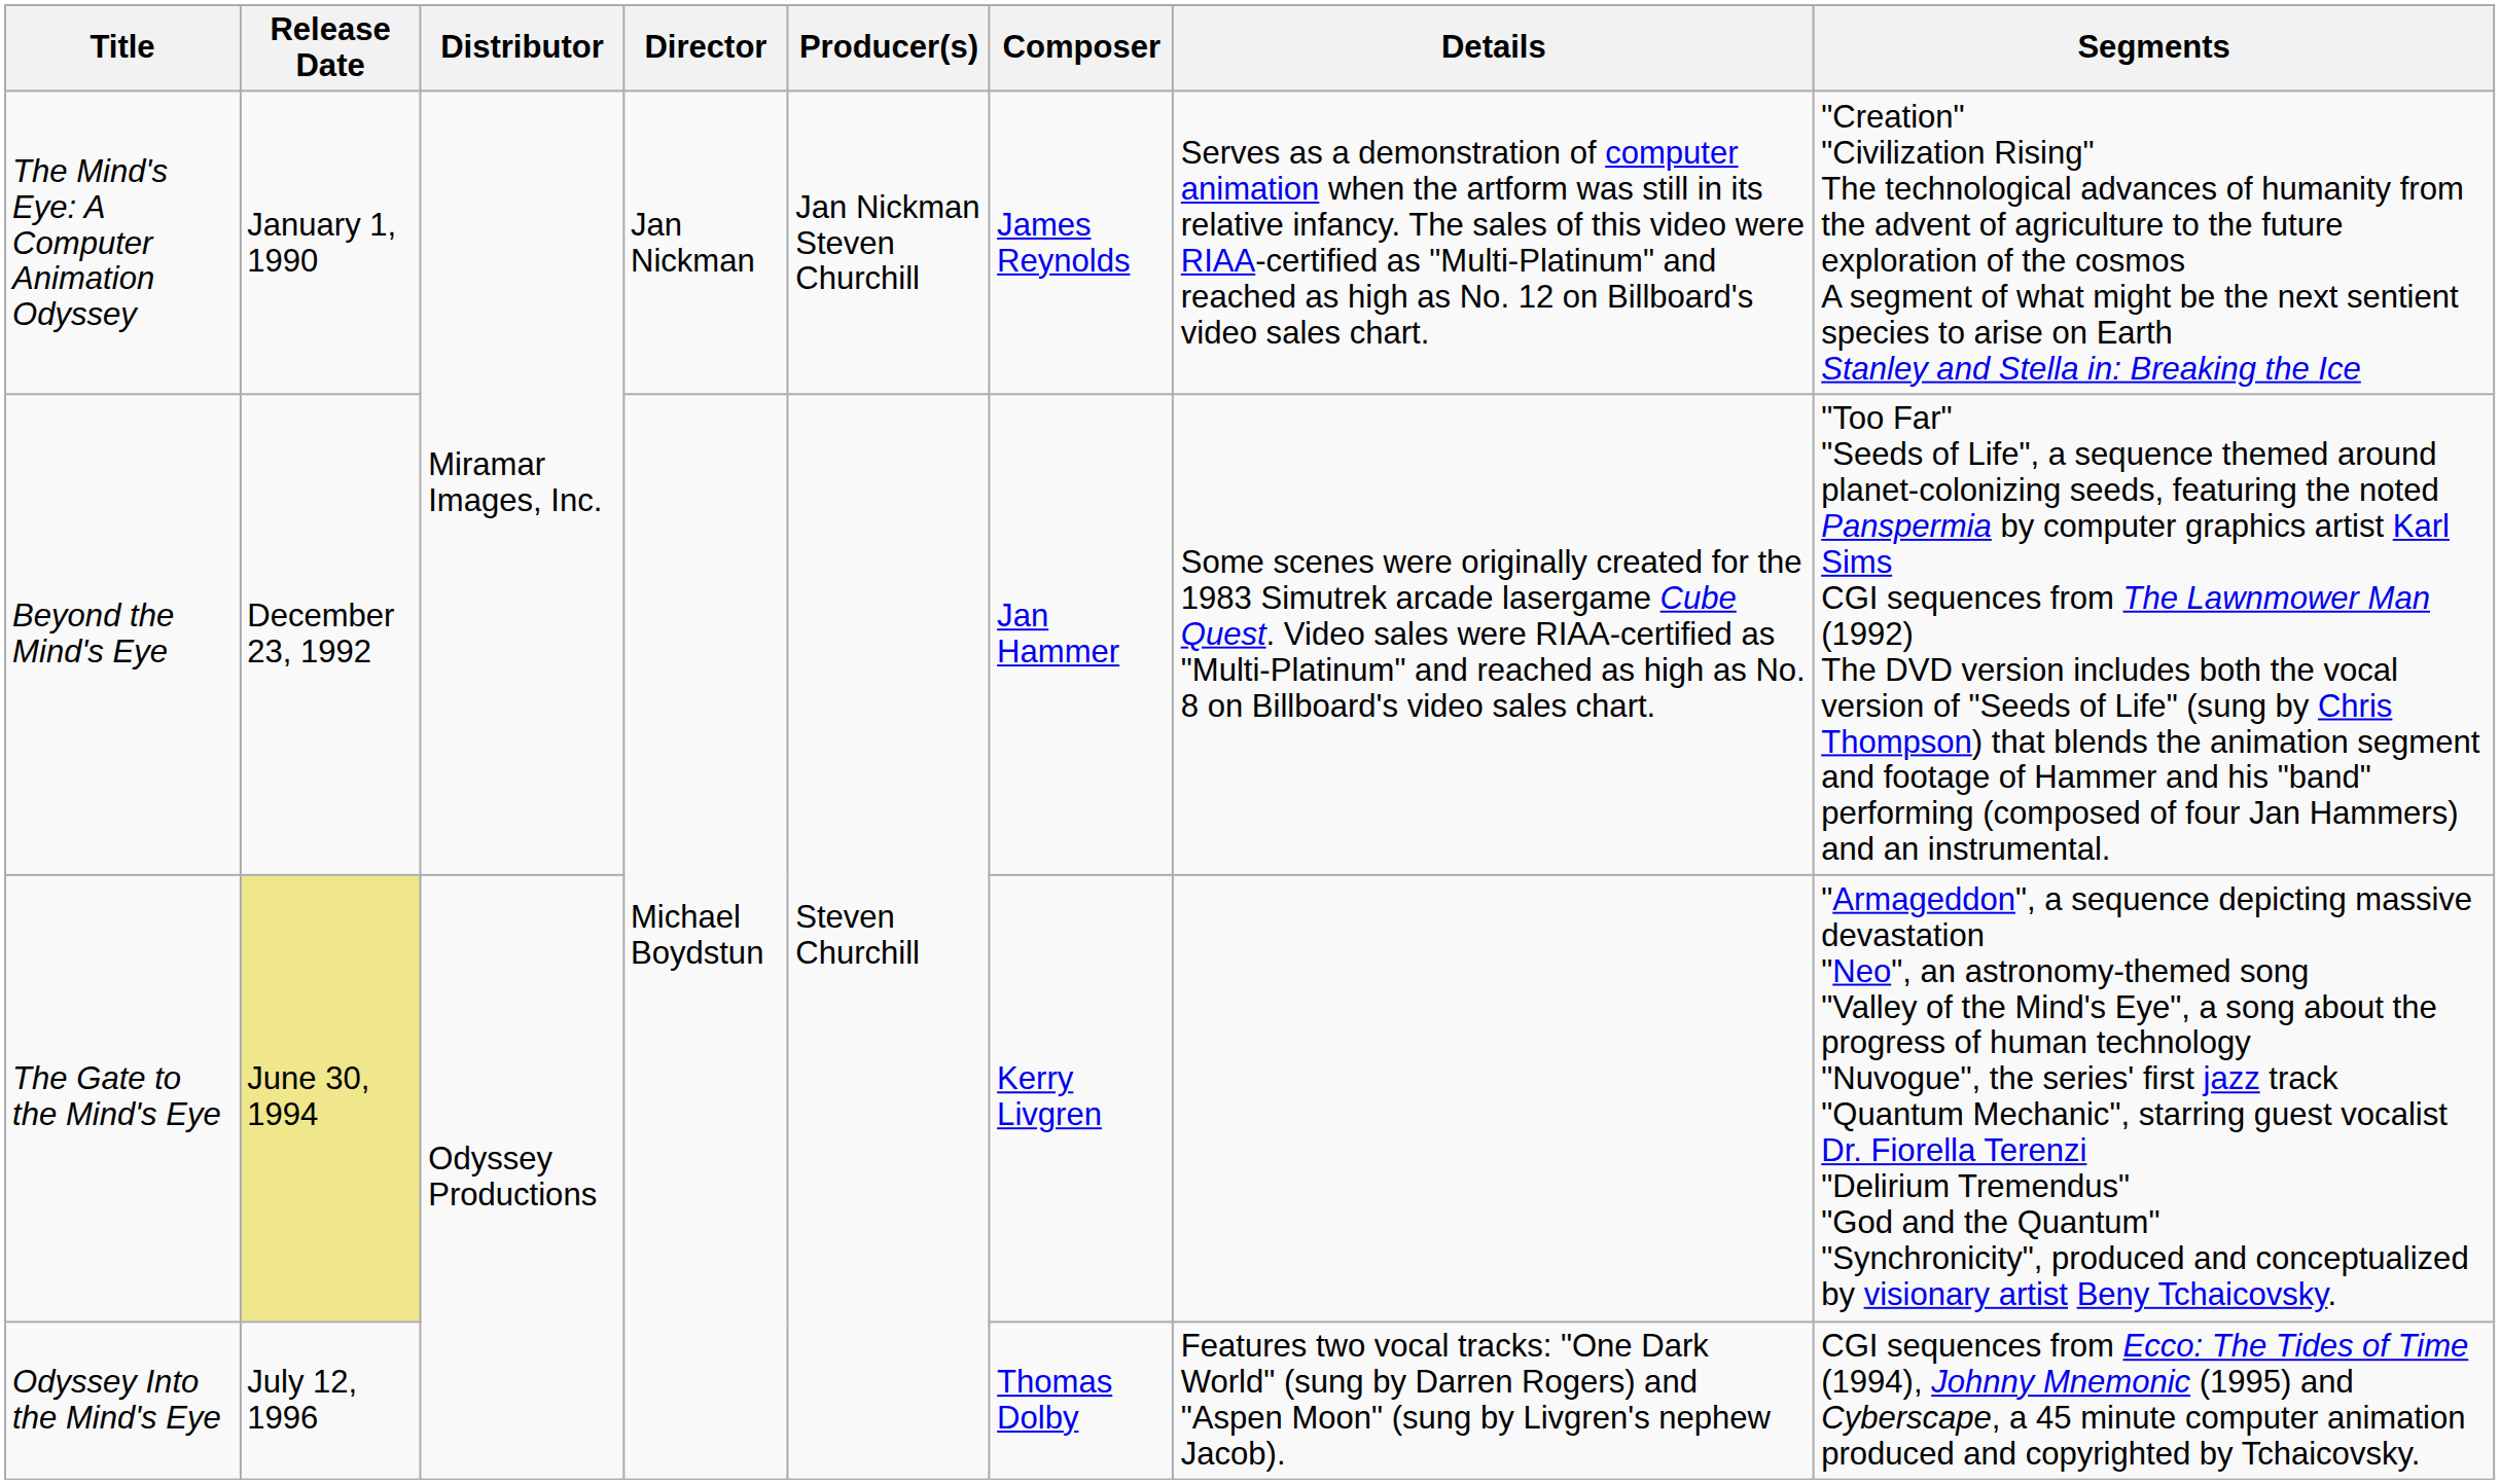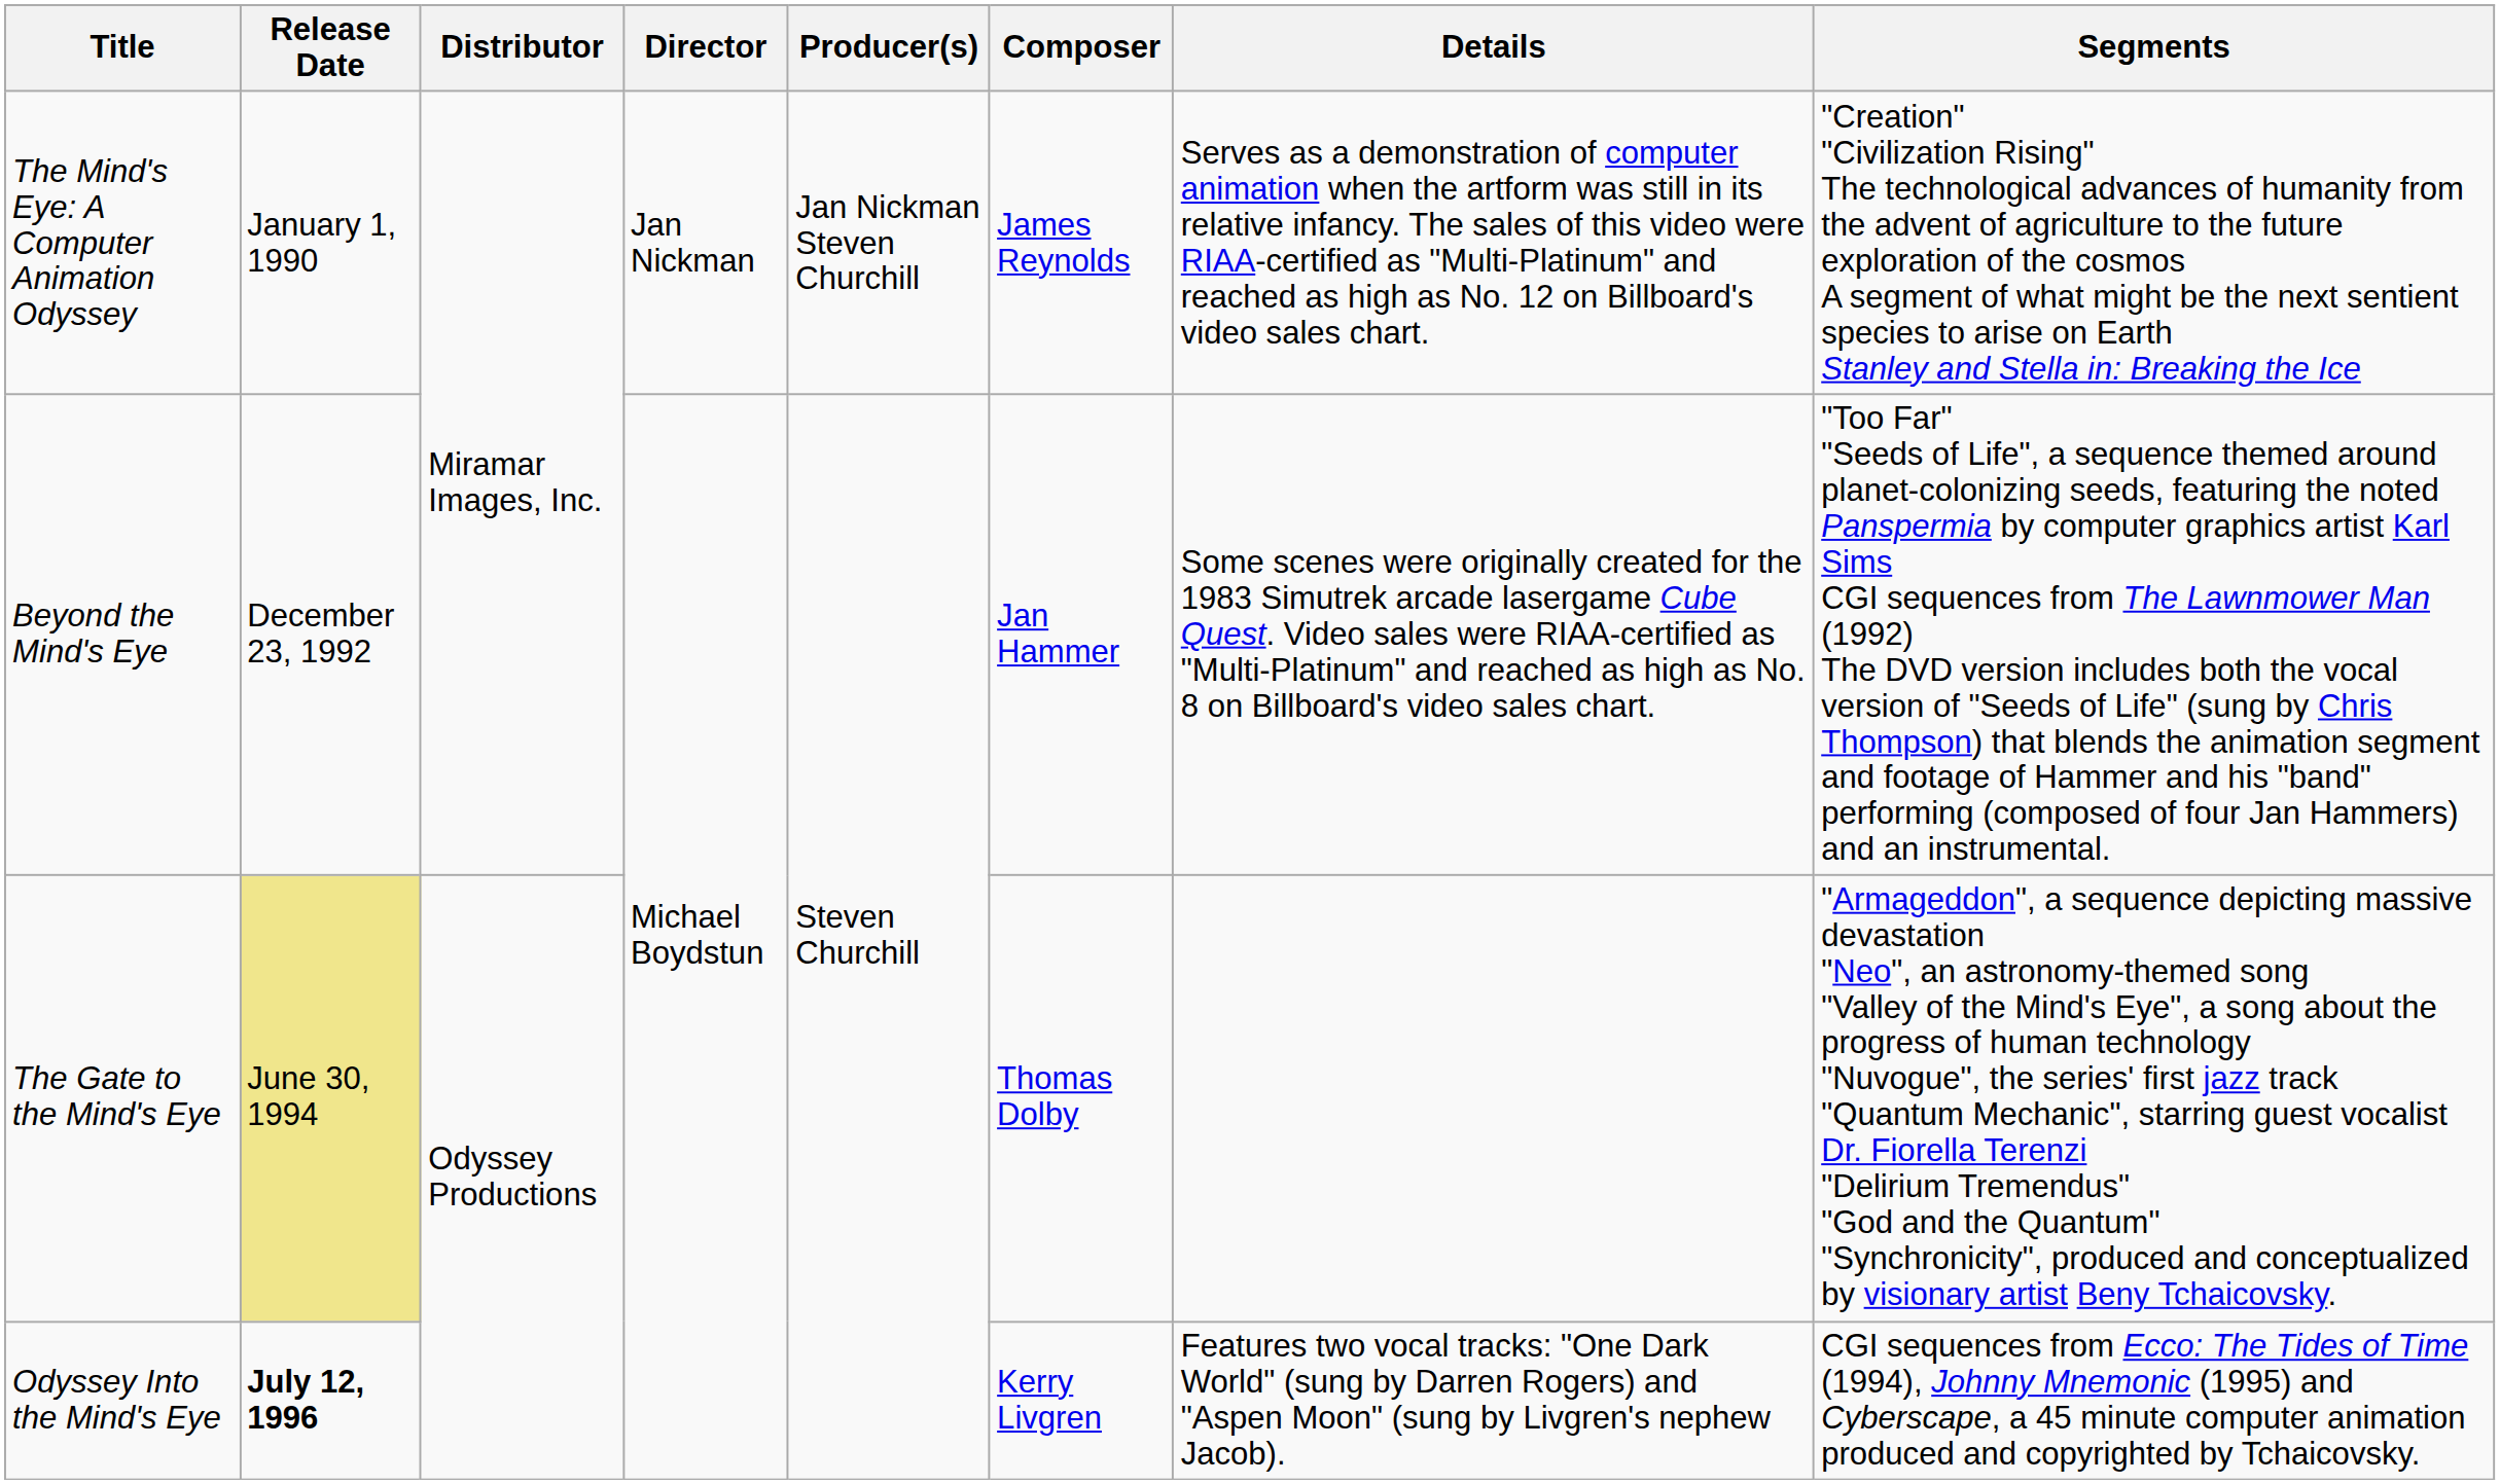 <table class = "wikitable unsortable">
 <tr>
 <th>Title</th>
 <th>Release Date</th>
 <th>Distributor</th>
 <th>Director</th>
 <th>Producer(s)</th>
 <th>Composer</th>
 <th>Details</th>
 <th>Segments</th>
 </tr>
 <tr>
 <td><em>The Mind's Eye: A Computer Animation Odyssey</em></td>
 <td>January 1, 1990</td>
 <td rowspan="2">Miramar Images, Inc.</td>
 <td>Jan Nickman</td>
 <td>Jan Nickman<br>Steven Churchill</td>
 <td><a href='#'>James Reynolds</a></td>
 <td>Serves as a demonstration of <a href='#'>computer animation</a> when the artform was still in its relative infancy. The sales of this video were <a href='#'>RIAA</a>-certified as "Multi-Platinum" and reached as high as No. 12 on Billboard's video sales chart.</td>
 <td>"Creation"<br>"Civilization Rising"<br>The technological advances of humanity from the advent of agriculture to the future exploration of the cosmos<br>A segment of what might be the next sentient species to arise on Earth<br><em><a href='#'>Stanley and Stella in: Breaking the Ice</a></em></td>
 </tr>
 <tr>
 <td><em>Beyond the Mind's Eye</em></td>
 <td>December 23, 1992</td>
 <td rowspan="3">Michael Boydstun</td>
 <td rowspan="3">Steven Churchill</td>
 <td><a href='#'>Jan Hammer</a></td>
 <td>Some scenes were originally created for the 1983 Simutrek arcade lasergame <em><a href='#'>Cube Quest</a></em>. Video sales were RIAA-certified as "Multi-Platinum" and reached as high as No. 8 on Billboard's video sales chart.</td>
 <td>"Too Far"<br>"Seeds of Life", a sequence themed around planet-colonizing seeds, featuring the noted <em><a href='#'>Panspermia</a></em> by computer graphics artist <a href='#'>Karl Sims</a><br>CGI sequences from <em><a href='#'>The Lawnmower Man</a></em> (1992)<br>The DVD version includes both the vocal version of "Seeds of Life" (sung by <a href='#'>Chris Thompson</a>) that blends the animation segment and footage of Hammer and his "band" performing (composed of four Jan Hammers) and an instrumental.</td>
 </tr>
 <tr>
 <td><em>The Gate to the Mind's Eye</em></td>
 <td style="background: khaki;">June 30, 1994</td>
 <td rowspan="2">Odyssey Productions</td>
-<td><a href='#'>Kerry Livgren</a></td>
+<td><a href='#'>Thomas Dolby</a></td>
 <td></td>
 <td>"<a href='#'>Armageddon</a>", a sequence depicting massive devastation<br>"<a href='#'>Neo</a>", an astronomy-themed song<br>"Valley of the Mind's Eye", a song about the progress of human technology<br>"Nuvogue", the series' first <a href='#'>jazz</a> track<br>"Quantum Mechanic", starring guest vocalist <a href='#'>Dr. Fiorella Terenzi</a><br>"Delirium Tremendus"<br>"God and the Quantum"<br>"Synchronicity", produced and conceptualized by <a href='#'>visionary artist</a> <a href='#'>Beny Tchaicovsky</a>.</td>
 </tr>
 <tr>
 <td><em>Odyssey Into the Mind's Eye</em></td>
-<td>July 12, 1996</td>
-<td><a href='#'>Thomas Dolby</a></td>
+<td><strong>July 12, 1996</strong></td>
+<td><a href='#'>Kerry Livgren</a></td>
 <td>Features two vocal tracks: "One Dark World" (sung by Darren Rogers) and "Aspen Moon" (sung by Livgren's nephew Jacob).</td>
 <td>CGI sequences from <em><a href='#'>Ecco: The Tides of Time</a></em> (1994), <em><a href='#'>Johnny Mnemonic</a></em> (1995) and <em>Cyberscape</em>, a 45 minute computer animation produced and copyrighted by Tchaicovsky.</td>
 </tr>
 </table>
